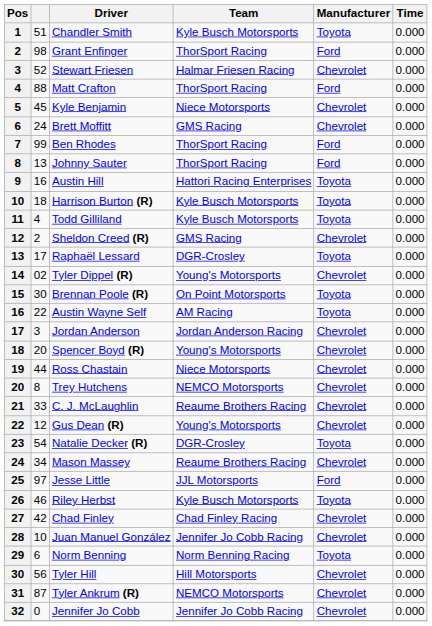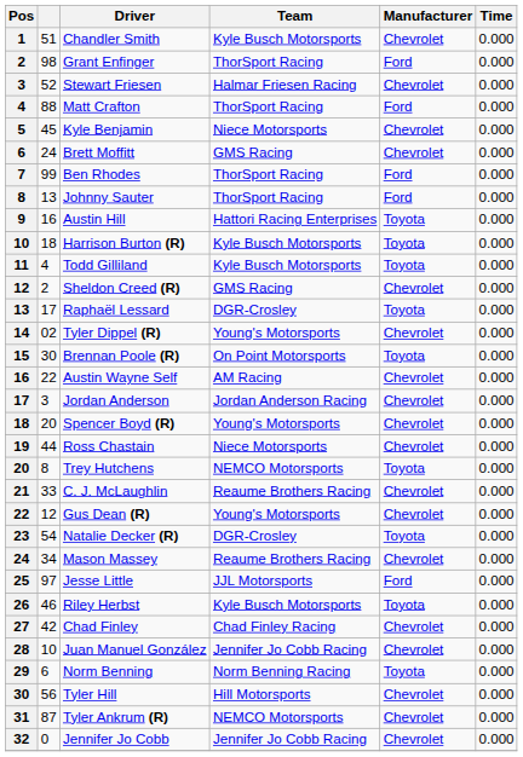 <table class="wikitable" style="font-size:98%">
 <tr>
 <th>Pos</th>
 <th></th>
 <th>Driver</th>
 <th>Team</th>
 <th>Manufacturer</th>
 <th>Time</th>
 </tr>
 <tr>
 <th>1</th>
 <td>51</td>
 <td><a href='#'>Chandler Smith</a></td>
 <td><a href='#'>Kyle Busch Motorsports</a></td>
-<td><a href='#'>Toyota</a></td>
+<td><a href='#'>Chevrolet</a></td>
 <td>0.000</td>
 </tr>
 <tr>
 <th>2</th>
 <td>98</td>
 <td><a href='#'>Grant Enfinger</a></td>
 <td><a href='#'>ThorSport Racing</a></td>
 <td><a href='#'>Ford</a></td>
 <td>0.000</td>
 </tr>
 <tr>
 <th>3</th>
 <td>52</td>
 <td><a href='#'>Stewart Friesen</a></td>
 <td><a href='#'>Halmar Friesen Racing</a></td>
 <td><a href='#'>Chevrolet</a></td>
 <td>0.000</td>
 </tr>
 <tr>
 <th>4</th>
 <td>88</td>
 <td><a href='#'>Matt Crafton</a></td>
 <td><a href='#'>ThorSport Racing</a></td>
 <td><a href='#'>Ford</a></td>
 <td>0.000</td>
 </tr>
 <tr>
 <th>5</th>
 <td>45</td>
 <td><a href='#'>Kyle Benjamin</a></td>
 <td><a href='#'>Niece Motorsports</a></td>
 <td><a href='#'>Chevrolet</a></td>
 <td>0.000</td>
 </tr>
 <tr>
 <th>6</th>
 <td>24</td>
 <td><a href='#'>Brett Moffitt</a></td>
 <td><a href='#'>GMS Racing</a></td>
 <td><a href='#'>Chevrolet</a></td>
 <td>0.000</td>
 </tr>
 <tr>
 <th>7</th>
 <td>99</td>
 <td><a href='#'>Ben Rhodes</a></td>
 <td><a href='#'>ThorSport Racing</a></td>
 <td><a href='#'>Ford</a></td>
 <td>0.000</td>
 </tr>
 <tr>
 <th>8</th>
 <td>13</td>
 <td><a href='#'>Johnny Sauter</a></td>
 <td><a href='#'>ThorSport Racing</a></td>
 <td><a href='#'>Ford</a></td>
 <td>0.000</td>
 </tr>
 <tr>
 <th>9</th>
 <td>16</td>
 <td><a href='#'>Austin Hill</a></td>
 <td><a href='#'>Hattori Racing Enterprises</a></td>
 <td><a href='#'>Toyota</a></td>
 <td>0.000</td>
 </tr>
 <tr>
 <th>10</th>
 <td>18</td>
 <td><a href='#'>Harrison Burton</a> <strong>(R)</strong></td>
 <td><a href='#'>Kyle Busch Motorsports</a></td>
 <td><a href='#'>Toyota</a></td>
 <td>0.000</td>
 </tr>
 <tr>
 <th>11</th>
 <td>4</td>
 <td><a href='#'>Todd Gilliland</a></td>
 <td><a href='#'>Kyle Busch Motorsports</a></td>
 <td><a href='#'>Toyota</a></td>
 <td>0.000</td>
 </tr>
 <tr>
 <th>12</th>
 <td>2</td>
 <td><a href='#'>Sheldon Creed</a> <strong>(R)</strong></td>
 <td><a href='#'>GMS Racing</a></td>
 <td><a href='#'>Chevrolet</a></td>
 <td>0.000</td>
 </tr>
 <tr>
 <th>13</th>
 <td>17</td>
 <td><a href='#'>Raphaël Lessard</a></td>
 <td><a href='#'>DGR-Crosley</a></td>
 <td><a href='#'>Toyota</a></td>
 <td>0.000</td>
 </tr>
 <tr>
 <th>14</th>
 <td>02</td>
 <td><a href='#'>Tyler Dippel</a> <strong>(R)</strong></td>
 <td><a href='#'>Young's Motorsports</a></td>
 <td><a href='#'>Chevrolet</a></td>
 <td>0.000</td>
 </tr>
 <tr>
 <th>15</th>
 <td>30</td>
 <td><a href='#'>Brennan Poole</a> <strong>(R)</strong></td>
 <td><a href='#'>On Point Motorsports</a></td>
 <td><a href='#'>Toyota</a></td>
 <td>0.000</td>
 </tr>
 <tr>
 <th>16</th>
 <td>22</td>
 <td><a href='#'>Austin Wayne Self</a></td>
 <td><a href='#'>AM Racing</a></td>
-<td><a href='#'>Toyota</a></td>
+<td><a href='#'>Chevrolet</a></td>
 <td>0.000</td>
 </tr>
 <tr>
 <th>17</th>
 <td>3</td>
 <td><a href='#'>Jordan Anderson</a></td>
 <td><a href='#'>Jordan Anderson Racing</a></td>
 <td><a href='#'>Chevrolet</a></td>
 <td>0.000</td>
 </tr>
 <tr>
 <th>18</th>
 <td>20</td>
 <td><a href='#'>Spencer Boyd</a> <strong>(R)</strong></td>
 <td><a href='#'>Young's Motorsports</a></td>
 <td><a href='#'>Chevrolet</a></td>
 <td>0.000</td>
 </tr>
 <tr>
 <th>19</th>
 <td>44</td>
 <td><a href='#'>Ross Chastain</a></td>
 <td><a href='#'>Niece Motorsports</a></td>
 <td><a href='#'>Chevrolet</a></td>
 <td>0.000</td>
 </tr>
 <tr>
 <th>20</th>
 <td>8</td>
 <td><a href='#'>Trey Hutchens</a></td>
 <td><a href='#'>NEMCO Motorsports</a></td>
-<td><a href='#'>Chevrolet</a></td>
+<td><a href='#'>Toyota</a></td>
 <td>0.000</td>
 </tr>
 <tr>
 <th>21</th>
 <td>33</td>
 <td><a href='#'>C. J. McLaughlin</a></td>
 <td><a href='#'>Reaume Brothers Racing</a></td>
 <td><a href='#'>Chevrolet</a></td>
 <td>0.000</td>
 </tr>
 <tr>
 <th>22</th>
 <td>12</td>
 <td><a href='#'>Gus Dean</a> <strong>(R)</strong></td>
 <td><a href='#'>Young's Motorsports</a></td>
 <td><a href='#'>Chevrolet</a></td>
 <td>0.000</td>
 </tr>
 <tr>
 <th>23</th>
 <td>54</td>
 <td><a href='#'>Natalie Decker</a> <strong>(R)</strong></td>
 <td><a href='#'>DGR-Crosley</a></td>
 <td><a href='#'>Toyota</a></td>
 <td>0.000</td>
 </tr>
 <tr>
 <th>24</th>
 <td>34</td>
 <td><a href='#'>Mason Massey</a></td>
 <td><a href='#'>Reaume Brothers Racing</a></td>
 <td><a href='#'>Chevrolet</a></td>
 <td>0.000</td>
 </tr>
 <tr>
 <th>25</th>
 <td>97</td>
 <td><a href='#'>Jesse Little</a></td>
 <td><a href='#'>JJL Motorsports</a></td>
 <td><a href='#'>Ford</a></td>
 <td>0.000</td>
 </tr>
 <tr>
 <th>26</th>
 <td>46</td>
 <td><a href='#'>Riley Herbst</a></td>
 <td><a href='#'>Kyle Busch Motorsports</a></td>
 <td><a href='#'>Toyota</a></td>
 <td>0.000</td>
 </tr>
 <tr>
 <th>27</th>
 <td>42</td>
 <td><a href='#'>Chad Finley</a></td>
 <td><a href='#'>Chad Finley Racing</a></td>
 <td><a href='#'>Chevrolet</a></td>
 <td>0.000</td>
 </tr>
 <tr>
 <th>28</th>
 <td>10</td>
 <td><a href='#'>Juan Manuel González</a></td>
 <td><a href='#'>Jennifer Jo Cobb Racing</a></td>
 <td><a href='#'>Chevrolet</a></td>
 <td>0.000</td>
 </tr>
 <tr>
 <th>29</th>
 <td>6</td>
 <td><a href='#'>Norm Benning</a></td>
 <td><a href='#'>Norm Benning Racing</a></td>
 <td><a href='#'>Toyota</a></td>
 <td>0.000</td>
 </tr>
 <tr>
 <th>30</th>
 <td>56</td>
 <td><a href='#'>Tyler Hill</a></td>
 <td><a href='#'>Hill Motorsports</a></td>
 <td><a href='#'>Chevrolet</a></td>
 <td>0.000</td>
 </tr>
 <tr>
 <th>31</th>
 <td>87</td>
 <td><a href='#'>Tyler Ankrum</a> <strong>(R)</strong></td>
 <td><a href='#'>NEMCO Motorsports</a></td>
 <td><a href='#'>Chevrolet</a></td>
 <td>0.000</td>
 </tr>
 <tr>
 <th>32</th>
 <td>0</td>
 <td><a href='#'>Jennifer Jo Cobb</a></td>
 <td><a href='#'>Jennifer Jo Cobb Racing</a></td>
 <td><a href='#'>Chevrolet</a></td>
 <td>0.000</td>
 </tr>
 <tr>
 </tr>
 </table>
